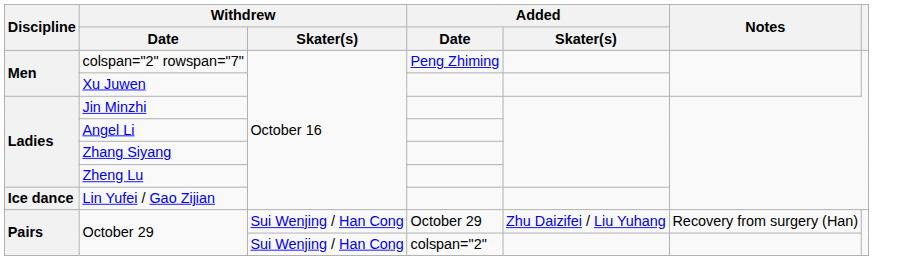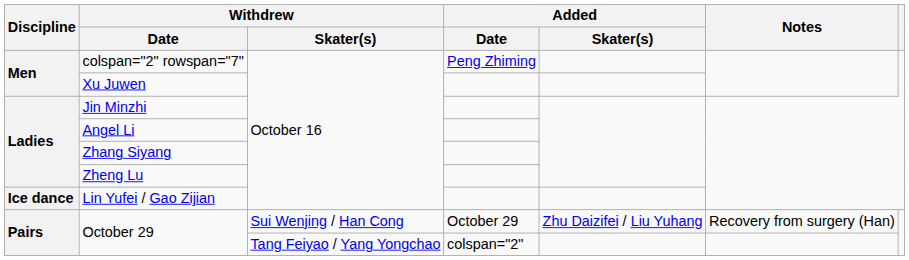 <table class="wikitable unsortable">
 <tr>
 <th scope="col" rowspan=2>Discipline</th>
 <th scope="col" colspan=2>Withdrew</th>
 <th scope="col" colspan=2>Added</th>
 <th scope="col" rowspan=2>Notes</th>
 <th scope="col" rowspan=2></th>
 </tr>
 <tr>
 <th>Date</th>
 <th>Skater(s)</th>
 <th>Date</th>
 <th>Skater(s)</th>
 </tr>
 <tr>
 <th scope="row" style="text-align:left" rowspan="2">Men</th>
 <td>colspan="2" rowspan="7" </td>
 <td rowspan="7">October 16</td>
 <td> <a href='#'>Peng Zhiming</a></td>
 <td></td>
 <td rowspan="2"></td>
 </tr>
 <tr>
 <td> <a href='#'>Xu Juwen</a></td>
 <td></td>
 </tr>
 <tr>
 <th scope="row" style="text-align:left" rowspan="4">Ladies</th>
 <td> <a href='#'>Jin Minzhi</a></td>
 <td></td>
 <td rowspan="4"></td>
 </tr>
 <tr>
 <td> <a href='#'>Angel Li</a></td>
 <td></td>
 </tr>
 <tr>
 <td> <a href='#'>Zhang Siyang</a></td>
 <td></td>
 </tr>
 <tr>
 <td> <a href='#'>Zheng Lu</a></td>
 <td></td>
 </tr>
 <tr>
 <th scope="row" style="text-align:left">Ice dance</th>
 <td> <a href='#'>Lin Yufei</a> / <a href='#'>Gao Zijian</a></td>
 <td></td>
 <td></td>
 </tr>
 <tr>
 <th scope="row" style="text-align:left" rowspan="2">Pairs</th>
 <td rowspan="2">October 29</td>
 <td> <a href='#'>Sui Wenjing</a> / <a href='#'>Han Cong</a></td>
 <td>October 29</td>
 <td> <a href='#'>Zhu Daizifei</a> / <a href='#'>Liu Yuhang</a></td>
 <td>Recovery from surgery (Han)</td>
 <td rowspan="2"></td>
 </tr>
 <tr>
-<td> <a href='#'>Sui Wenjing</a> / <a href='#'>Han Cong</a></td>
+<td> <a href='#'>Tang Feiyao</a> / <a href='#'>Yang Yongchao</a></td>
 <td>colspan="2" </td>
 <td></td>
 </tr>
 </table>
